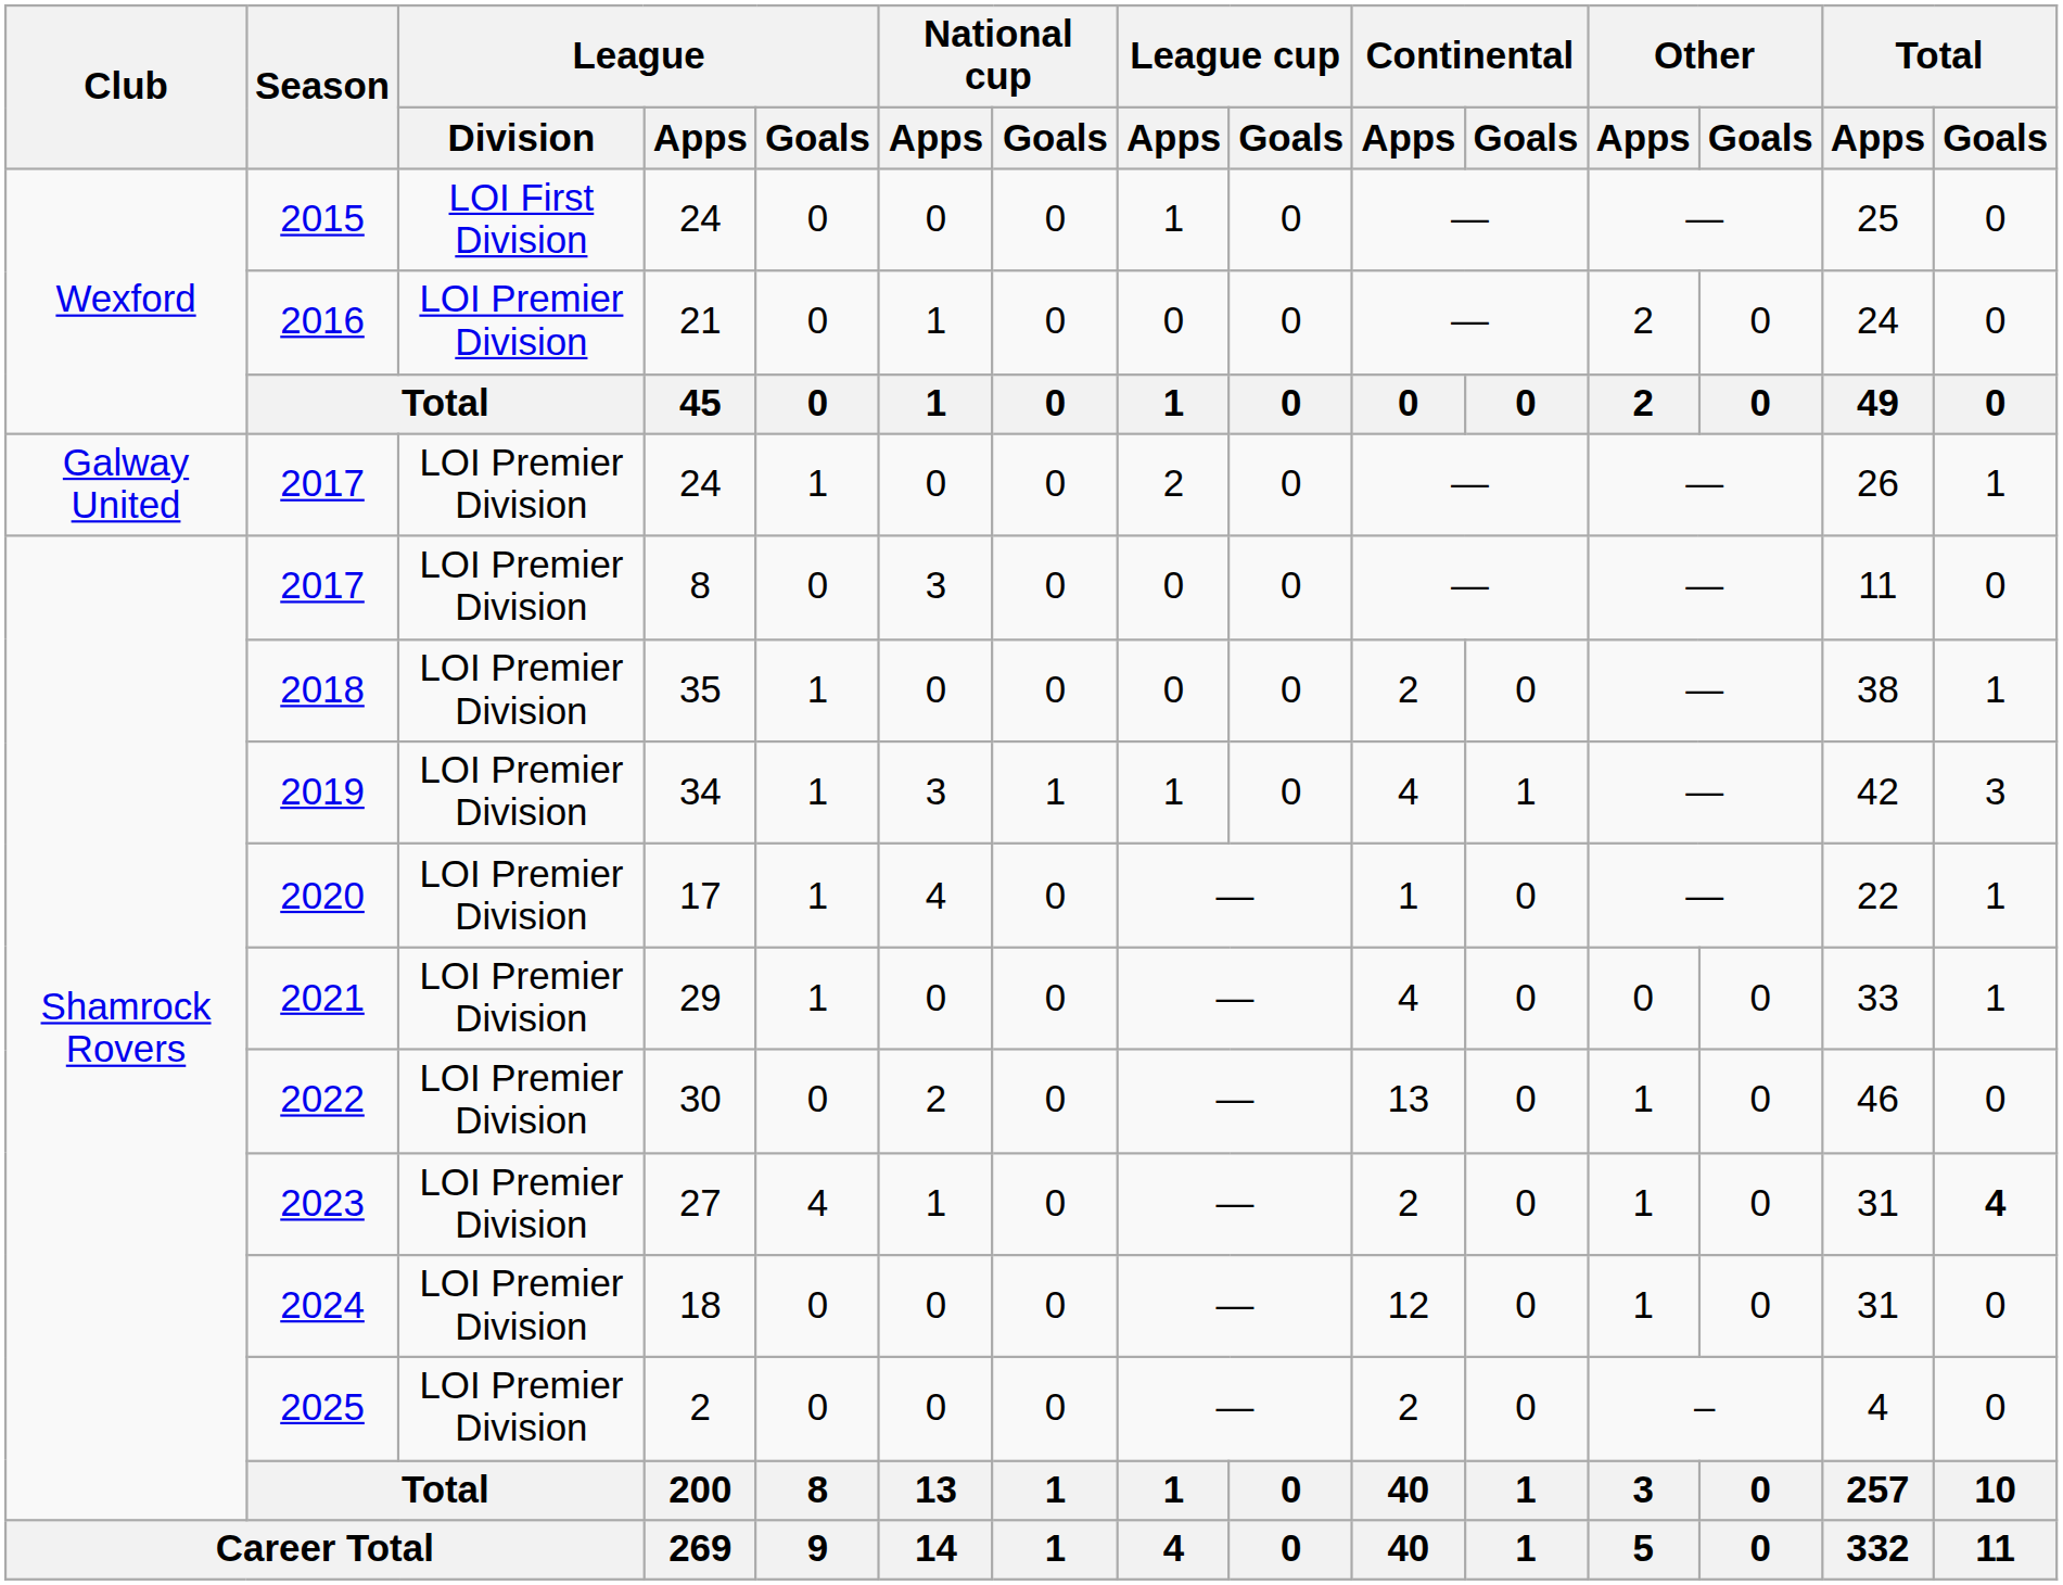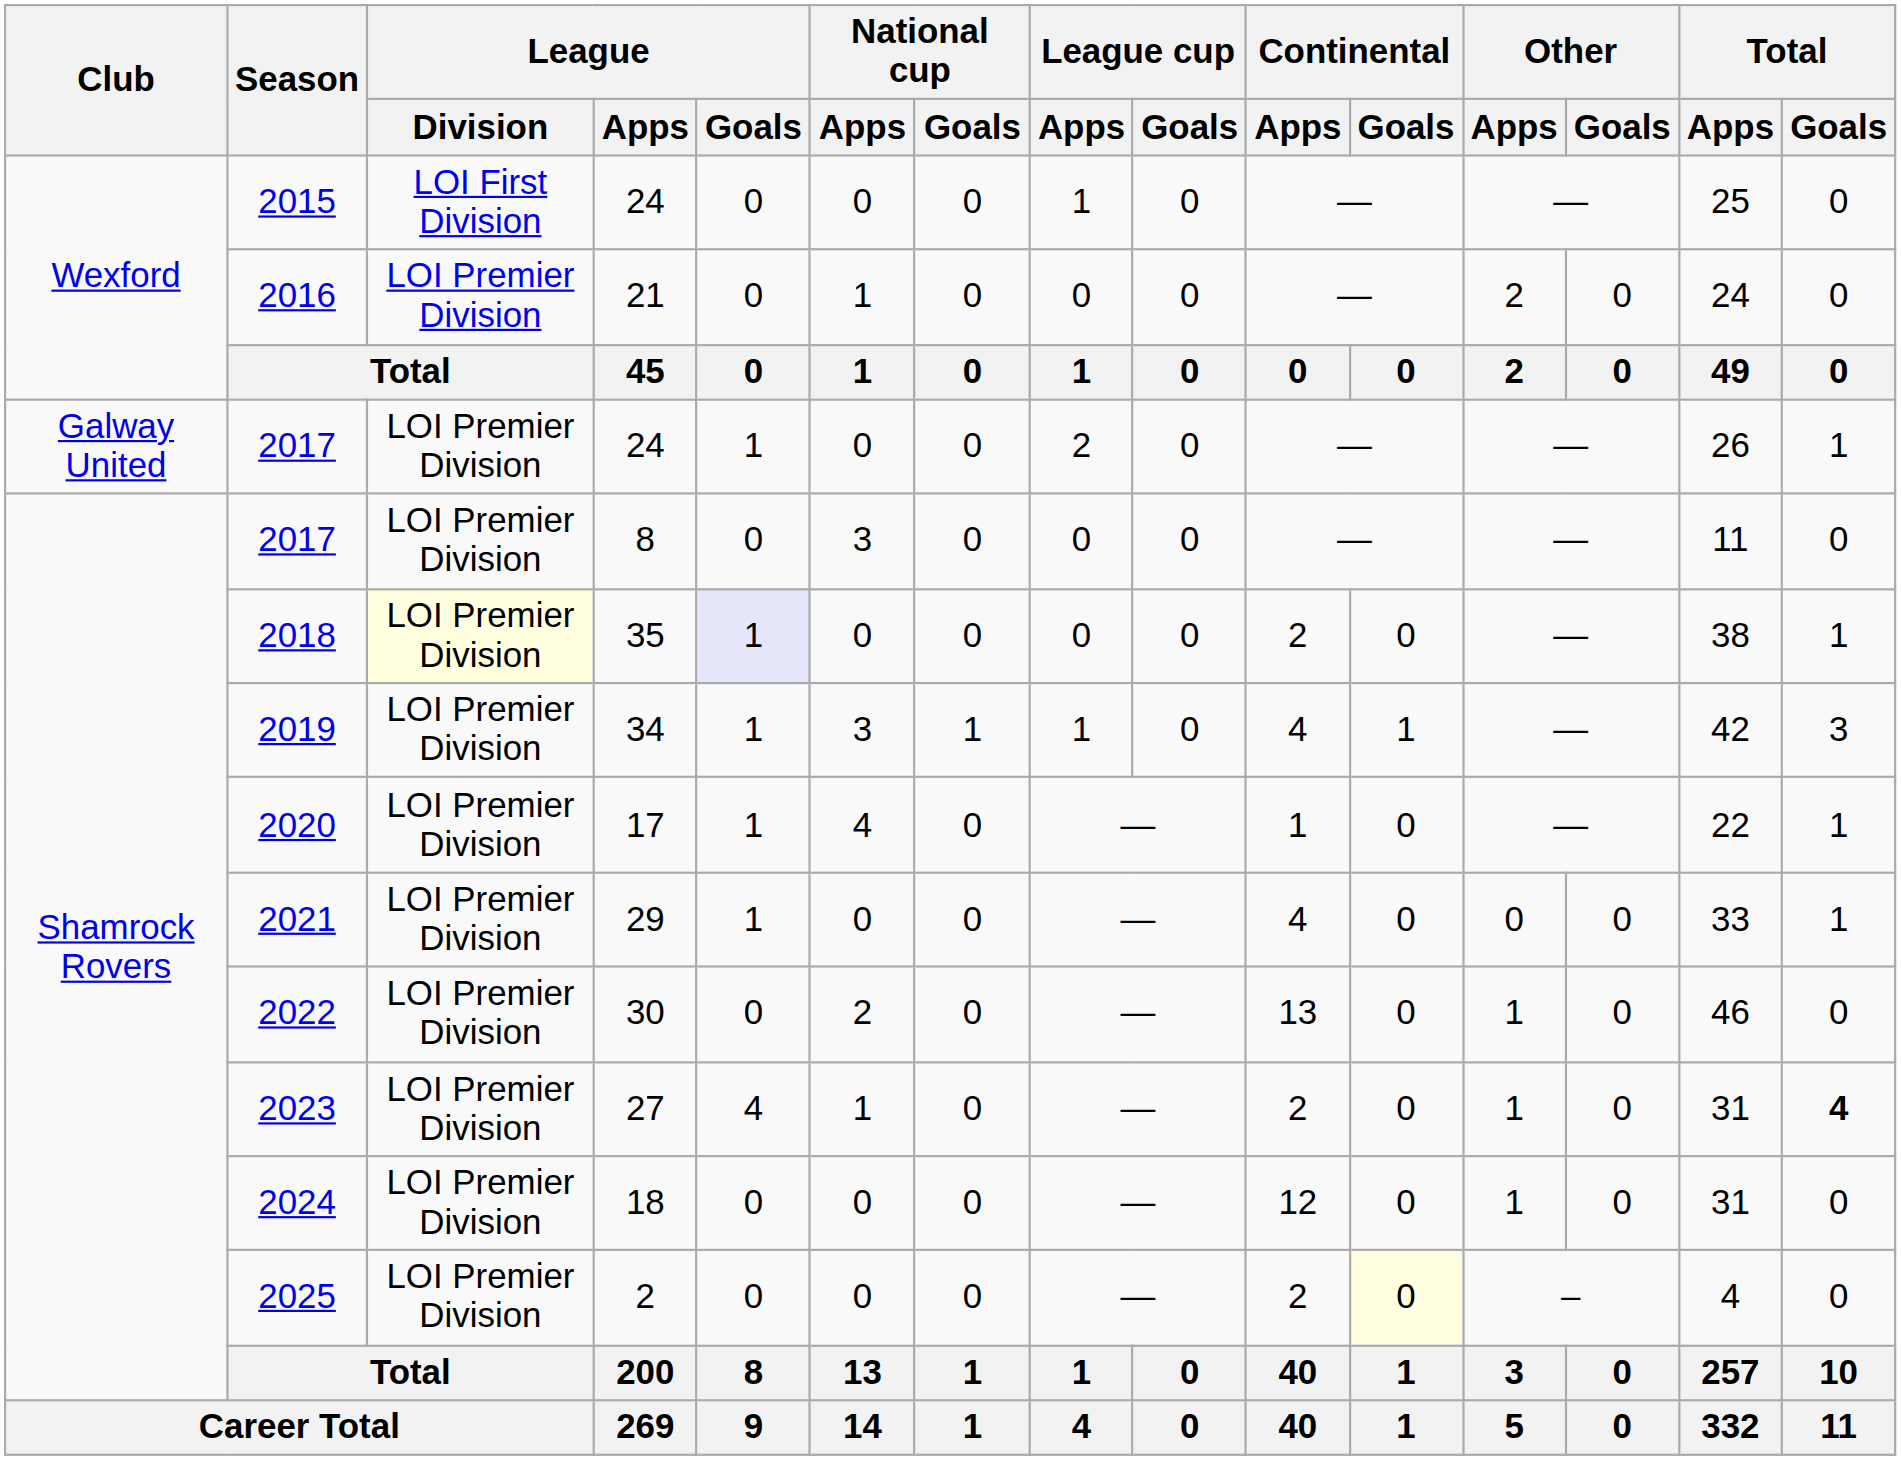 <table class="wikitable" Style="text-align: center">
 <tr>
 <th rowspan="2">Club</th>
 <th rowspan="2">Season</th>
 <th colspan="3">League</th>
 <th colspan="2">National cup</th>
 <th colspan="2">League cup</th>
 <th colspan="2">Continental</th>
 <th colspan="2">Other</th>
 <th colspan="2">Total</th>
 </tr>
 <tr>
 <th>Division</th>
 <th>Apps</th>
 <th>Goals</th>
 <th>Apps</th>
 <th>Goals</th>
 <th>Apps</th>
 <th>Goals</th>
 <th>Apps</th>
 <th>Goals</th>
 <th>Apps</th>
 <th>Goals</th>
 <th>Apps</th>
 <th>Goals</th>
 </tr>
 <tr>
 <td rowspan="3"><a href='#'>Wexford</a></td>
 <td><a href='#'>2015</a></td>
 <td><a href='#'>LOI First Division</a></td>
 <td>24</td>
 <td>0</td>
 <td>0</td>
 <td>0</td>
 <td>1</td>
 <td>0</td>
 <td colspan="2">—</td>
 <td colspan="2">—</td>
 <td>25</td>
 <td>0</td>
 </tr>
 <tr>
 <td><a href='#'>2016</a></td>
 <td><a href='#'>LOI Premier Division</a></td>
 <td>21</td>
 <td>0</td>
 <td>1</td>
 <td>0</td>
 <td>0</td>
 <td>0</td>
 <td colspan="2">—</td>
 <td>2</td>
 <td>0</td>
 <td>24</td>
 <td>0</td>
 </tr>
 <tr>
 <th colspan="2">Total</th>
 <th>45</th>
 <th>0</th>
 <th>1</th>
 <th>0</th>
 <th>1</th>
 <th>0</th>
 <th>0</th>
 <th>0</th>
 <th>2</th>
 <th>0</th>
 <th>49</th>
 <th>0</th>
 </tr>
 <tr>
 <td><a href='#'>Galway United</a></td>
 <td><a href='#'>2017</a></td>
 <td>LOI Premier Division</td>
 <td>24</td>
 <td>1</td>
 <td>0</td>
 <td>0</td>
 <td>2</td>
 <td>0</td>
 <td colspan="2">—</td>
 <td colspan="2">—</td>
 <td>26</td>
 <td>1</td>
 </tr>
 <tr>
 <td rowspan="10"><a href='#'>Shamrock Rovers</a></td>
 <td><a href='#'>2017</a></td>
 <td>LOI Premier Division</td>
 <td>8</td>
 <td>0</td>
 <td>3</td>
 <td>0</td>
 <td>0</td>
 <td>0</td>
 <td colspan="2">—</td>
 <td colspan="2">—</td>
 <td>11</td>
 <td>0</td>
 </tr>
 <tr>
 <td><a href='#'>2018</a></td>
-<td>LOI Premier Division</td>
+<td style="background: lightyellow;">LOI Premier Division</td>
 <td>35</td>
-<td>1</td>
+<td style="background: lavender;">1</td>
 <td>0</td>
 <td>0</td>
 <td>0</td>
 <td>0</td>
 <td>2</td>
 <td>0</td>
 <td colspan="2">—</td>
 <td>38</td>
 <td>1</td>
 </tr>
 <tr>
 <td><a href='#'>2019</a></td>
 <td>LOI Premier Division</td>
 <td>34</td>
 <td>1</td>
 <td>3</td>
 <td>1</td>
 <td>1</td>
 <td>0</td>
 <td>4</td>
 <td>1</td>
 <td colspan="2">—</td>
 <td>42</td>
 <td>3</td>
 </tr>
 <tr>
 <td><a href='#'>2020</a></td>
 <td>LOI Premier Division</td>
 <td>17</td>
 <td>1</td>
 <td>4</td>
 <td>0</td>
 <td colspan="2">—</td>
 <td>1</td>
 <td>0</td>
 <td colspan="2">—</td>
 <td>22</td>
 <td>1</td>
 </tr>
 <tr>
 <td><a href='#'>2021</a></td>
 <td>LOI Premier Division</td>
 <td>29</td>
 <td>1</td>
 <td>0</td>
 <td>0</td>
 <td colspan="2">—</td>
 <td>4</td>
 <td>0</td>
 <td>0</td>
 <td>0</td>
 <td>33</td>
 <td>1</td>
 </tr>
 <tr>
 <td><a href='#'>2022</a></td>
 <td>LOI Premier Division</td>
 <td>30</td>
 <td>0</td>
 <td>2</td>
 <td>0</td>
 <td colspan="2">—</td>
 <td>13</td>
 <td>0</td>
 <td>1</td>
 <td>0</td>
 <td>46</td>
 <td>0</td>
 </tr>
 <tr>
 <td><a href='#'>2023</a></td>
 <td>LOI Premier Division</td>
 <td>27</td>
 <td>4</td>
 <td>1</td>
 <td>0</td>
 <td colspan="2">—</td>
 <td>2</td>
 <td>0</td>
 <td>1</td>
 <td>0</td>
 <td>31</td>
 <td><strong>4</strong></td>
 </tr>
 <tr>
 <td><a href='#'>2024</a></td>
 <td>LOI Premier Division</td>
 <td>18</td>
 <td>0</td>
 <td>0</td>
 <td>0</td>
 <td colspan="2">—</td>
 <td>12</td>
 <td>0</td>
 <td>1</td>
 <td>0</td>
 <td>31</td>
 <td>0</td>
 </tr>
 <tr>
 <td><a href='#'>2025</a></td>
 <td>LOI Premier Division</td>
 <td>2</td>
 <td>0</td>
 <td>0</td>
 <td>0</td>
 <td colspan="2">—</td>
 <td>2</td>
-<td>0</td>
+<td style="background: lightyellow;">0</td>
 <td colspan="2">–</td>
 <td>4</td>
 <td>0</td>
 </tr>
 <tr>
 <th colspan="2">Total</th>
 <th>200</th>
 <th>8</th>
 <th>13</th>
 <th>1</th>
 <th>1</th>
 <th>0</th>
 <th>40</th>
 <th>1</th>
 <th>3</th>
 <th>0</th>
 <th>257</th>
 <th>10</th>
 </tr>
 <tr>
 <th colspan="3">Career Total</th>
 <th>269</th>
 <th>9</th>
 <th>14</th>
 <th>1</th>
 <th>4</th>
 <th>0</th>
 <th>40</th>
 <th>1</th>
 <th>5</th>
 <th>0</th>
 <th>332</th>
 <th>11</th>
 </tr>
 </table>
